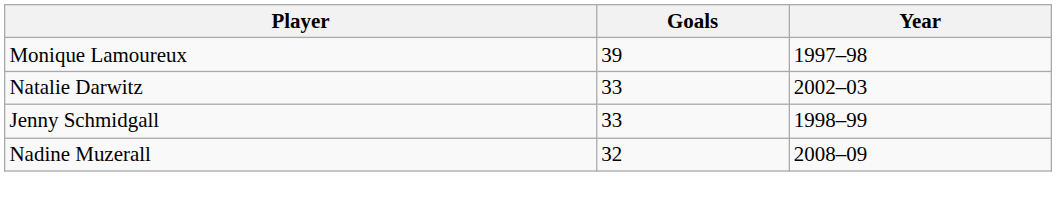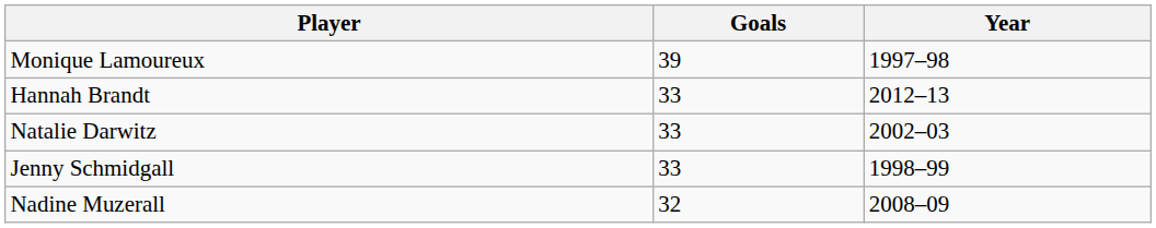 <table class="wikitable" style="width: 50em">
 <tr>
 <th>Player</th>
 <th>Goals</th>
 <th>Year</th>
 </tr>
 <tr>
 <td>Monique Lamoureux</td>
 <td>39</td>
 <td>1997–98</td>
+</tr>
+<tr>
+<td>Hannah Brandt</td>
+<td>33</td>
+<td>2012–13</td>
 </tr>
 <tr>
 <td>Natalie Darwitz</td>
 <td>33</td>
 <td>2002–03</td>
 </tr>
 <tr>
 <td>Jenny Schmidgall</td>
 <td>33</td>
 <td>1998–99</td>
 </tr>
 <tr>
 <td>Nadine Muzerall</td>
 <td>32</td>
 <td>2008–09</td>
 </tr>
 </table>
